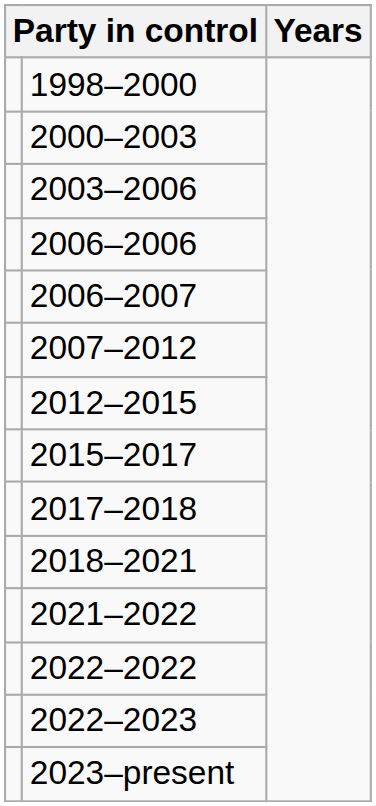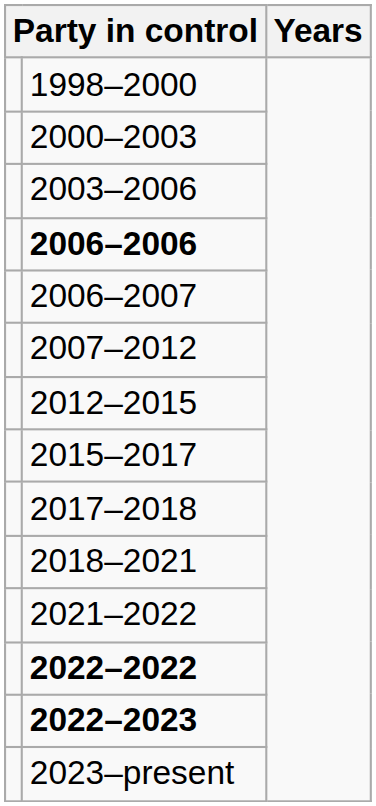 <table class="wikitable">
 <tr>
 <th colspan=2>Party in control</th>
 <th>Years</th>
 </tr>
 <tr>
 <td></td>
 <td>1998–2000</td>
 </tr>
 <tr>
 <td></td>
 <td>2000–2003</td>
 </tr>
 <tr>
 <td></td>
 <td>2003–2006</td>
 </tr>
 <tr>
 <td></td>
-<td>2006–2006</td>
+<td><strong>2006–2006</strong></td>
 </tr>
 <tr>
 <td></td>
 <td>2006–2007</td>
 </tr>
 <tr>
 <td></td>
 <td>2007–2012</td>
 </tr>
 <tr>
 <td></td>
 <td>2012–2015</td>
 </tr>
 <tr>
 <td></td>
 <td>2015–2017</td>
 </tr>
 <tr>
 <td></td>
 <td>2017–2018</td>
 </tr>
 <tr>
 <td></td>
 <td>2018–2021</td>
 </tr>
 <tr>
 <td></td>
 <td>2021–2022</td>
 </tr>
 <tr>
 <td></td>
-<td>2022–2022</td>
+<td><strong>2022–2022</strong></td>
 </tr>
 <tr>
 <td></td>
-<td>2022–2023</td>
+<td><strong>2022–2023</strong></td>
 </tr>
 <tr>
 <td></td>
 <td>2023–present</td>
 </tr>
 </table>
